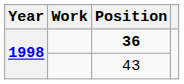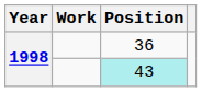 <table class="wikitable sortable" "plainrowheaders">
 <tr>
 <th scope="col">Year</th>
 <th scope="col">Work</th>
 <th scope="col">Position</th>
 <th scope="col" class="unsortable"></th>
 </tr>
 <tr>
 <th scope="row" rowspan="2"><a href='#'>1998</a></th>
 <td></td>
-<td style="text-align:center;"><strong>36</strong></td>
+<td style="text-align:center;">36</td>
 <td rowspan="2"></td>
 </tr>
 <tr>
 <td></td>
-<td style="text-align:center;">43</td>
+<td style="background: paleturquoise; text-align:center;">43</td>
 </tr>
 </table>
